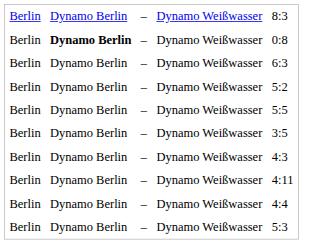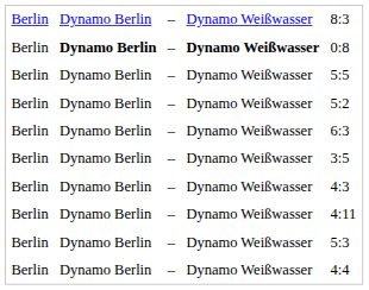 <table cellspacing="0" border="0" cellpadding="6" style="border:1px solid #bbb; background-color:#FFFFFF;">
 <tr>
 <td><a href='#'>Berlin</a></td>
 <td><a href='#'>Dynamo Berlin</a></td>
 <td>–</td>
 <td><a href='#'>Dynamo Weißwasser</a></td>
 <td>8:3</td>
 </tr>
 <tr>
 <td>Berlin</td>
 <td><strong>Dynamo Berlin</strong></td>
 <td>–</td>
-<td>Dynamo Weißwasser</td>
+<td><strong>Dynamo Weißwasser</strong></td>
 <td>0:8</td>
 </tr>
 <tr>
 <td>Berlin</td>
 <td>Dynamo Berlin</td>
 <td>–</td>
 <td>Dynamo Weißwasser</td>
-<td>6:3</td>
+<td>5:5</td>
 </tr>
 <tr>
 <td>Berlin</td>
 <td>Dynamo Berlin</td>
 <td>–</td>
 <td>Dynamo Weißwasser</td>
 <td>5:2</td>
 </tr>
 <tr>
 <td>Berlin</td>
 <td>Dynamo Berlin</td>
 <td>–</td>
 <td>Dynamo Weißwasser</td>
-<td>5:5</td>
+<td>6:3</td>
 </tr>
 <tr>
 <td>Berlin</td>
 <td>Dynamo Berlin</td>
 <td>–</td>
 <td>Dynamo Weißwasser</td>
 <td>3:5</td>
 </tr>
 <tr>
 <td>Berlin</td>
 <td>Dynamo Berlin</td>
 <td>–</td>
 <td>Dynamo Weißwasser</td>
 <td>4:3</td>
 </tr>
 <tr>
 <td>Berlin</td>
 <td>Dynamo Berlin</td>
 <td>–</td>
 <td>Dynamo Weißwasser</td>
 <td>4:11</td>
 </tr>
 <tr>
 <td>Berlin</td>
 <td>Dynamo Berlin</td>
 <td>–</td>
 <td>Dynamo Weißwasser</td>
-<td>4:4</td>
+<td>5:3</td>
 </tr>
 <tr>
 <td>Berlin</td>
 <td>Dynamo Berlin</td>
 <td>–</td>
 <td>Dynamo Weißwasser</td>
-<td>5:3</td>
+<td>4:4</td>
 </tr>
 </table>
